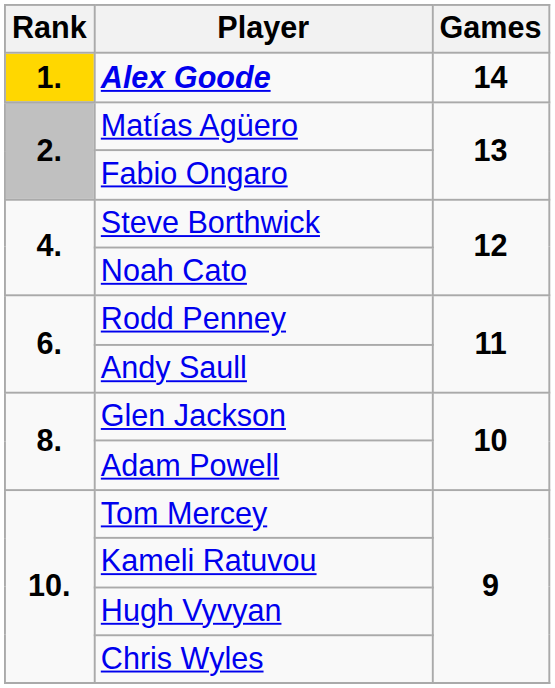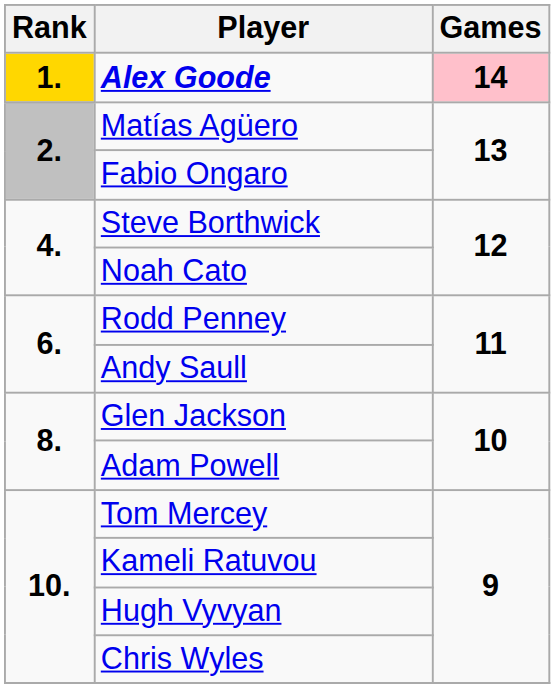 <table class="wikitable sticky-header">
 <tr>
 <th width=35>Rank</th>
 <th width=170>Player</th>
 <th width=40>Games</th>
 </tr>
 <tr>
 <td align=center bgcolor=Gold><strong>1.</strong></td>
 <td> <strong><em><a href='#'>Alex Goode</a></em></strong></td>
-<td align=center><strong>14</strong></td>
+<td align=center style="background: pink;"><strong>14</strong></td>
 </tr>
 <tr>
 <td rowspan=2 align=center bgcolor=Silver><strong>2.</strong></td>
 <td> <a href='#'>Matías Agüero</a></td>
 <td rowspan=2 align=center><strong>13</strong></td>
 </tr>
 <tr>
 <td> <a href='#'>Fabio Ongaro</a></td>
 </tr>
 <tr>
 <td rowspan=2 align=center><strong>4.</strong></td>
 <td> <a href='#'>Steve Borthwick</a></td>
 <td rowspan=2 align=center><strong>12</strong></td>
 </tr>
 <tr>
 <td> <a href='#'>Noah Cato</a></td>
 </tr>
 <tr>
 <td rowspan=2 align=center><strong>6.</strong></td>
 <td> <a href='#'>Rodd Penney</a></td>
 <td rowspan=2 align=center><strong>11</strong></td>
 </tr>
 <tr>
 <td> <a href='#'>Andy Saull</a></td>
 </tr>
 <tr>
 <td rowspan=2 align=center><strong>8.</strong></td>
 <td> <a href='#'>Glen Jackson</a></td>
 <td rowspan=2 align=center><strong>10</strong></td>
 </tr>
 <tr>
 <td> <a href='#'>Adam Powell</a></td>
 </tr>
 <tr>
 <td rowspan=4 align=center><strong>10.</strong></td>
 <td> <a href='#'>Tom Mercey</a></td>
 <td rowspan=4 align=center><strong>9</strong></td>
 </tr>
 <tr>
 <td> <a href='#'>Kameli Ratuvou</a></td>
 </tr>
 <tr>
 <td> <a href='#'>Hugh Vyvyan</a></td>
 </tr>
 <tr>
 <td> <a href='#'>Chris Wyles</a></td>
 </tr>
 <tr>
 </tr>
 </table>
